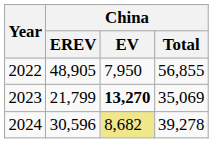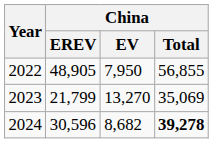 <table class="wikitable">
 <tr>
 <th rowspan="2">Year</th>
 <th colspan="3">China</th>
 </tr>
 <tr>
 <th>EREV</th>
 <th>EV</th>
 <th>Total</th>
 </tr>
 <tr>
 <td>2022</td>
 <td>48,905</td>
 <td>7,950</td>
 <td>56,855</td>
 </tr>
 <tr>
 <td>2023</td>
 <td>21,799</td>
-<td><strong>13,270</strong></td>
+<td>13,270</td>
 <td>35,069</td>
 </tr>
 <tr>
 <td>2024</td>
 <td>30,596</td>
-<td style="background: khaki;">8,682</td>
-<td>39,278</td>
+<td>8,682</td>
+<td><strong>39,278</strong></td>
 </tr>
 </table>
